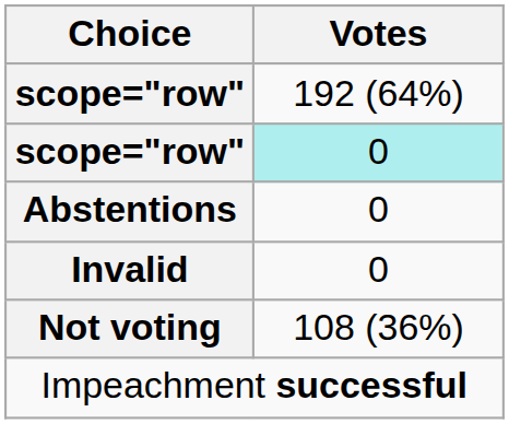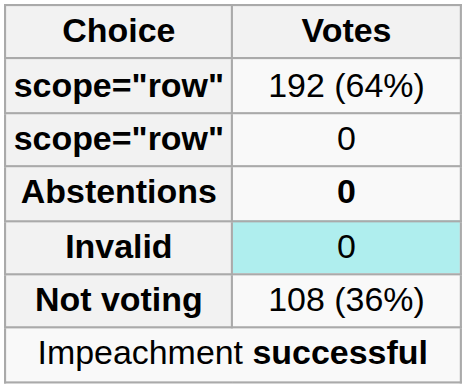 <table class="wikitable floatright" style="text-align: center;">
 <tr>
 <th scope="col" style="width: 100px;">Choice</th>
 <th scope="col" style="width: 100px;">Votes</th>
 </tr>
 <tr>
 <th>scope="row" </th>
 <td>192 (64%)</td>
 </tr>
 <tr>
 <th>scope="row" </th>
-<td style="background: paleturquoise;">0</td>
+<td>0</td>
 </tr>
 <tr>
 <th scope="row">Abstentions</th>
-<td>0</td>
+<td><strong>0</strong></td>
 </tr>
 <tr>
 <th scope="row">Invalid</th>
-<td>0</td>
+<td style="background: paleturquoise;">0</td>
 </tr>
 <tr>
 <th scope="row">Not voting</th>
 <td>108 (36%)</td>
 </tr>
 <tr>
 <td colspan="2">Impeachment <strong>successful</strong></td>
 </tr>
 </table>
